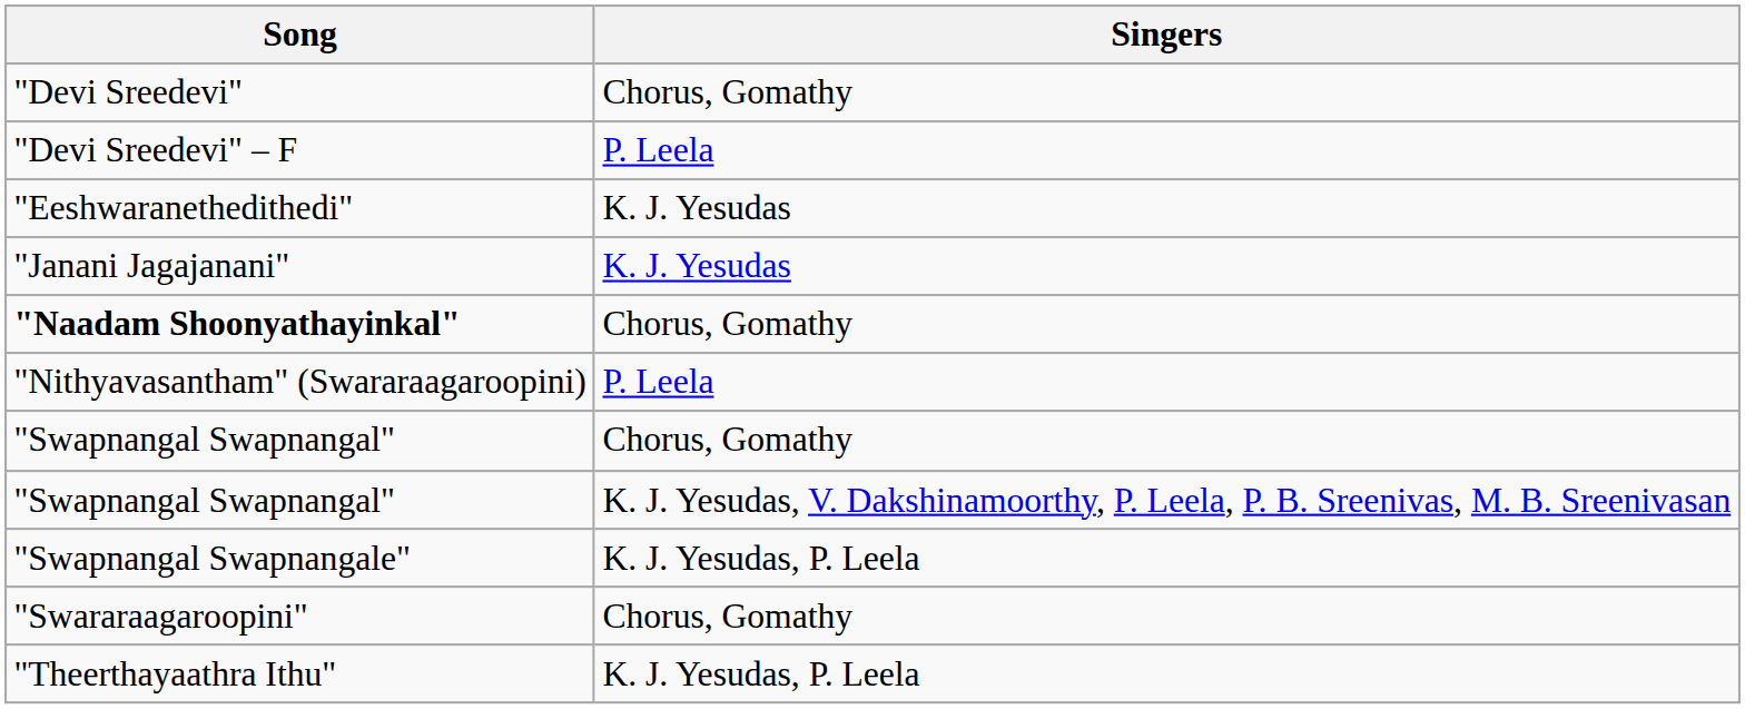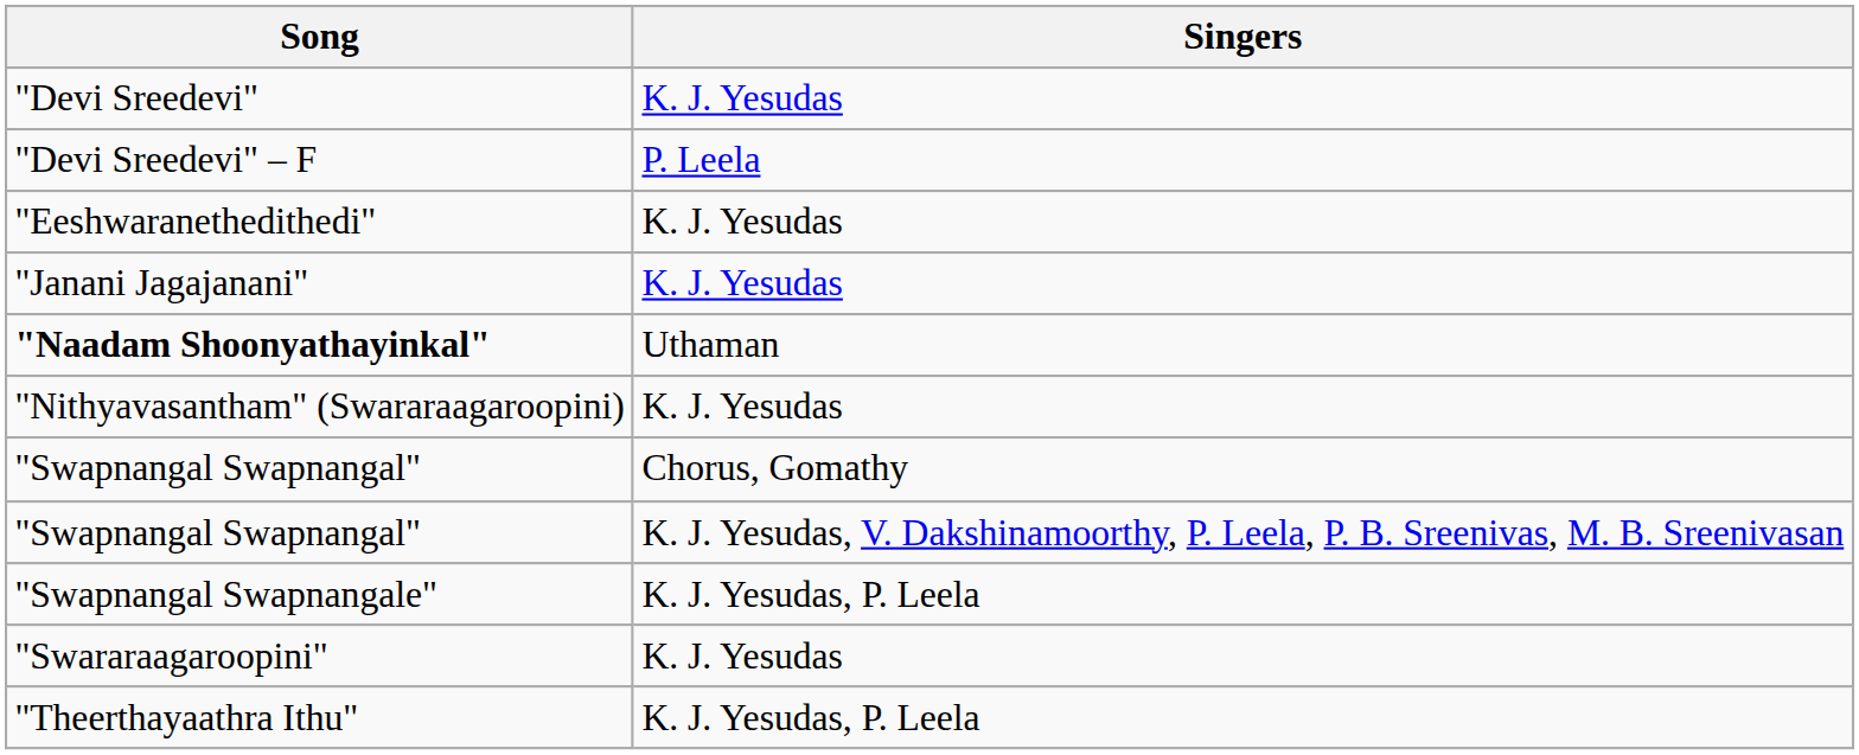 <table class="wikitable" style="font-size:95%;">
 <tr>
 <th>Song</th>
 <th>Singers</th>
 </tr>
 <tr>
 <td>"Devi Sreedevi"</td>
-<td>Chorus, Gomathy</td>
+<td><a href='#'>K. J. Yesudas</a></td>
 </tr>
 <tr>
 <td>"Devi Sreedevi" – F</td>
 <td><a href='#'>P. Leela</a></td>
 </tr>
 <tr>
 <td>"Eeshwaranethedithedi"</td>
 <td>K. J. Yesudas</td>
 </tr>
 <tr>
 <td>"Janani Jagajanani"</td>
 <td><a href='#'>K. J. Yesudas</a></td>
 </tr>
 <tr>
 <td><strong>"Naadam Shoonyathayinkal"</strong></td>
-<td>Chorus, Gomathy</td>
+<td>Uthaman</td>
 </tr>
 <tr>
 <td>"Nithyavasantham" (Swararaagaroopini)</td>
-<td><a href='#'>P. Leela</a></td>
+<td>K. J. Yesudas</td>
 </tr>
 <tr>
 <td>"Swapnangal Swapnangal"</td>
 <td>Chorus, Gomathy</td>
 </tr>
 <tr>
 <td>"Swapnangal Swapnangal"</td>
 <td>K. J. Yesudas, <a href='#'>V. Dakshinamoorthy</a>, <a href='#'>P. Leela</a>, <a href='#'>P. B. Sreenivas</a>, <a href='#'>M. B. Sreenivasan</a></td>
 </tr>
 <tr>
 <td>"Swapnangal Swapnangale"</td>
 <td>K. J. Yesudas, P. Leela</td>
 </tr>
 <tr>
 <td>"Swararaagaroopini"</td>
-<td>Chorus, Gomathy</td>
+<td>K. J. Yesudas</td>
 </tr>
 <tr>
 <td>"Theerthayaathra Ithu"</td>
 <td>K. J. Yesudas, P. Leela</td>
 </tr>
 </table>
